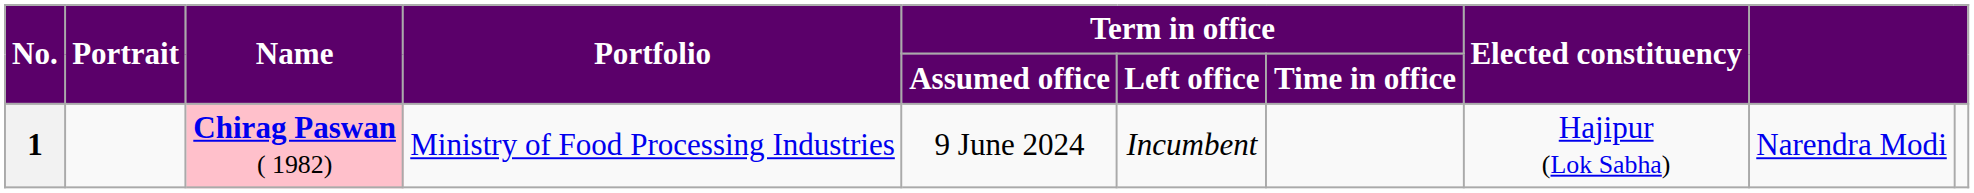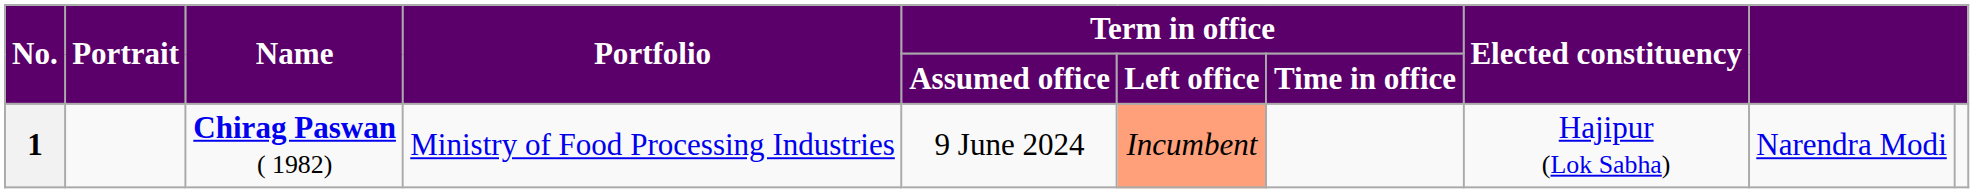 <table class="wikitable sortable" style="text-align:center;">
 <tr>
 <th rowspan=2 style="background-color:#5B006A;color:white">No.</th>
 <th rowspan=2 style="background-color:#5B006A;color:white">Portrait</th>
 <th rowspan=2 style="background-color:#5B006A;color:white">Name<br></th>
 <th rowspan=2 style="background-color:#5B006A;color:white">Portfolio</th>
 <th colspan=3 style="background-color:#5B006A;color:white">Term in office</th>
 <th rowspan=2 style="background-color:#5B006A;color:white">Elected constituency<br></th>
 <th rowspan=2 colspan=2 style="background-color:#5B006A;color:white"><a href='#'></a></th>
 </tr>
 <tr>
 <th style="background-color:#5B006A;color:white">Assumed office</th>
 <th style="background-color:#5B006A;color:white">Left office</th>
 <th style="background-color:#5B006A;color:white">Time in office</th>
 </tr>
 <tr>
 <th>1</th>
 <td></td>
-<td style="background: pink;"><strong><a href='#'>Chirag Paswan</a></strong><br><small>( 1982)</small></td>
+<td><strong><a href='#'>Chirag Paswan</a></strong><br><small>( 1982)</small></td>
 <td><a href='#'>Ministry of Food Processing Industries</a></td>
 <td>9 June 2024</td>
-<td><em>Incumbent</em></td>
+<td style="background: lightsalmon;"><em>Incumbent</em></td>
 <td></td>
 <td><a href='#'>Hajipur</a><br><small>(<a href='#'>Lok Sabha</a>)</small></td>
 <td><a href='#'>Narendra Modi</a></td>
 <td></td>
 </tr>
 </table>
